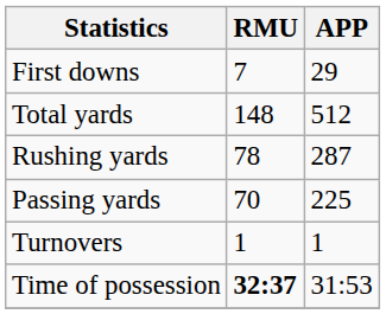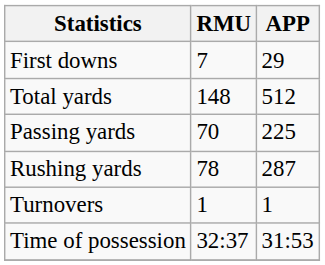 <table class="wikitable" style="float: left;">
 <tr>
 <th>Statistics</th>
 <th>RMU</th>
 <th>APP</th>
 </tr>
 <tr>
 <td>First downs</td>
 <td>7</td>
 <td>29</td>
 </tr>
 <tr>
 <td>Total yards</td>
 <td>148</td>
 <td>512</td>
 </tr>
 <tr>
+<td>Passing yards</td>
+<td>70</td>
+<td>225</td>
+</tr>
+<tr>
 <td>Rushing yards</td>
 <td>78</td>
 <td>287</td>
-</tr>
-<tr>
-<td>Passing yards</td>
-<td>70</td>
-<td>225</td>
 </tr>
 <tr>
 <td>Turnovers</td>
 <td>1</td>
 <td>1</td>
 </tr>
 <tr>
 <td>Time of possession</td>
-<td><strong>32:37</strong></td>
+<td>32:37</td>
 <td>31:53</td>
 </tr>
 <tr>
 </tr>
 </table>
